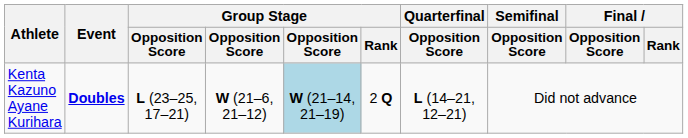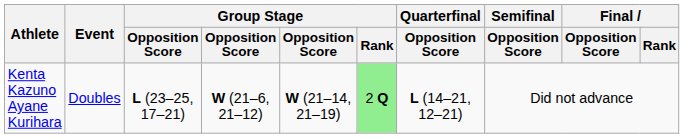 <table class="wikitable" style="font-size:90%">
 <tr>
 <th rowspan=2>Athlete</th>
 <th rowspan=2>Event</th>
 <th colspan=4>Group Stage</th>
 <th>Quarterfinal</th>
 <th>Semifinal</th>
 <th colspan=2>Final / </th>
 </tr>
 <tr style="font-size:95%">
 <th>Opposition<br>Score</th>
 <th>Opposition<br>Score</th>
 <th>Opposition<br>Score</th>
 <th>Rank</th>
 <th>Opposition<br>Score</th>
 <th>Opposition<br>Score</th>
 <th>Opposition<br>Score</th>
 <th>Rank</th>
 </tr>
 <tr align=center>
 <td align=left><a href='#'>Kenta Kazuno</a><br><a href='#'>Ayane Kurihara</a></td>
-<td align=left><strong><a href='#'>Doubles</a></strong></td>
+<td align=left><a href='#'>Doubles</a></td>
 <td><br><strong>L</strong> (23–25, 17–21)</td>
 <td><br><strong>W</strong> (21–6, 21–12)</td>
-<td style="background: lightblue;"><br><strong>W</strong> (21–14, 21–19)</td>
-<td>2 <strong>Q</strong></td>
+<td><br><strong>W</strong> (21–14, 21–19)</td>
+<td style="background: lightgreen;">2 <strong>Q</strong></td>
 <td><br><strong>L</strong> (14–21, 12–21)</td>
 <td colspan=3>Did not advance</td>
 </tr>
 </table>
